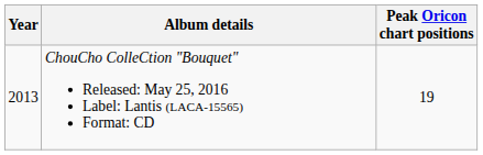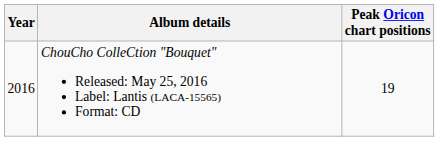 <table class="wikitable" border="1">
 <tr>
 <th rowspan="1">Year</th>
 <th rowspan="1" width="350">Album details</th>
 <th colspan="1">Peak <a href='#'>Oricon</a><br> chart positions</th>
 </tr>
 <tr>
-<td>2013</td>
+<td>2016</td>
 <td align="left"><em>ChouCho ColleCtion "Bouquet"</em><br><ul><li>Released: May 25, 2016</li><li>Label: Lantis <small>(LACA-15565)</small></li><li>Format: CD</li></ul></td>
 <td align="center">19</td>
 </tr>
 </table>
